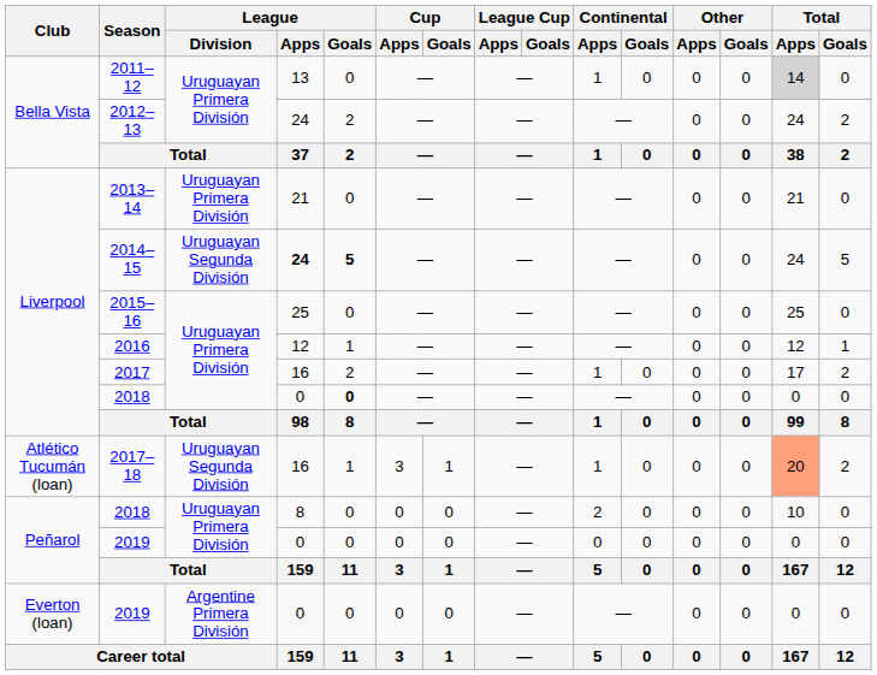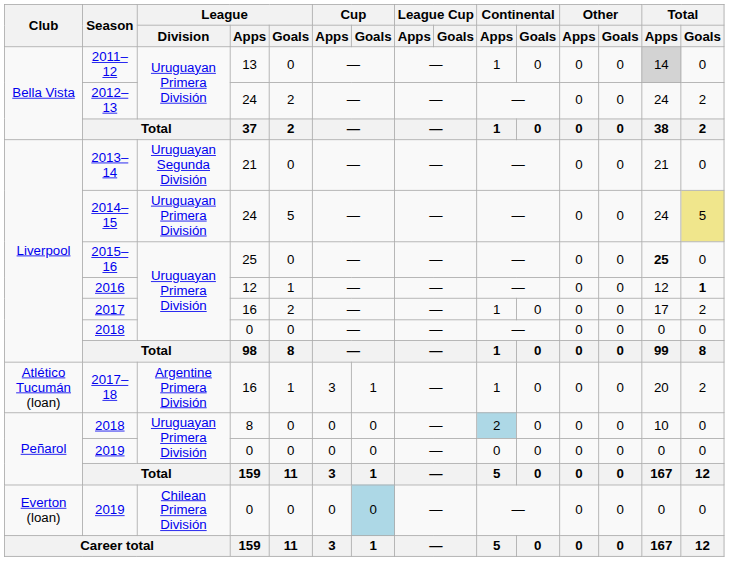 <table class="wikitable" style="text-align:center">
 <tr>
 <th rowspan="2">Club</th>
 <th rowspan="2">Season</th>
 <th colspan="3">League</th>
 <th colspan="2">Cup</th>
 <th colspan="2">League Cup</th>
 <th colspan="2">Continental</th>
 <th colspan="2">Other</th>
 <th colspan="2">Total</th>
 </tr>
 <tr>
 <th>Division</th>
 <th>Apps</th>
 <th>Goals</th>
 <th>Apps</th>
 <th>Goals</th>
 <th>Apps</th>
 <th>Goals</th>
 <th>Apps</th>
 <th>Goals</th>
 <th>Apps</th>
 <th>Goals</th>
 <th>Apps</th>
 <th>Goals</th>
 </tr>
 <tr>
 <td rowspan="3"><a href='#'>Bella Vista</a></td>
 <td><a href='#'>2011–12</a></td>
 <td rowspan="2"><a href='#'>Uruguayan Primera División</a></td>
 <td>13</td>
 <td>0</td>
 <td colspan="2">—</td>
 <td colspan="2">—</td>
 <td>1</td>
 <td>0</td>
 <td>0</td>
 <td>0</td>
 <td style="background: lightgrey;">14</td>
 <td>0</td>
 </tr>
 <tr>
 <td><a href='#'>2012–13</a></td>
 <td>24</td>
 <td>2</td>
 <td colspan="2">—</td>
 <td colspan="2">—</td>
 <td colspan="2">—</td>
 <td>0</td>
 <td>0</td>
 <td>24</td>
 <td>2</td>
 </tr>
 <tr>
 <th colspan="2">Total</th>
 <th>37</th>
 <th>2</th>
 <th colspan="2">—</th>
 <th colspan="2">—</th>
 <th>1</th>
 <th>0</th>
 <th>0</th>
 <th>0</th>
 <th>38</th>
 <th>2</th>
 </tr>
 <tr>
 <td rowspan="7"><a href='#'>Liverpool</a></td>
 <td><a href='#'>2013–14</a></td>
-<td rowspan="1"><a href='#'>Uruguayan Primera División</a></td>
+<td rowspan="1"><a href='#'>Uruguayan Segunda División</a></td>
 <td>21</td>
 <td>0</td>
 <td colspan="2">—</td>
 <td colspan="2">—</td>
 <td colspan="2">—</td>
 <td>0</td>
 <td>0</td>
 <td>21</td>
 <td>0</td>
 </tr>
 <tr>
 <td><a href='#'>2014–15</a></td>
-<td rowspan="1"><a href='#'>Uruguayan Segunda División</a></td>
-<td><strong>24</strong></td>
-<td><strong>5</strong></td>
+<td rowspan="1"><a href='#'>Uruguayan Primera División</a></td>
+<td>24</td>
+<td>5</td>
 <td colspan="2">—</td>
 <td colspan="2">—</td>
 <td colspan="2">—</td>
 <td>0</td>
 <td>0</td>
 <td>24</td>
-<td>5</td>
+<td style="background: khaki;">5</td>
 </tr>
 <tr>
 <td><a href='#'>2015–16</a></td>
 <td rowspan="4"><a href='#'>Uruguayan Primera División</a></td>
 <td>25</td>
 <td>0</td>
 <td colspan="2">—</td>
 <td colspan="2">—</td>
 <td colspan="2">—</td>
 <td>0</td>
 <td>0</td>
-<td>25</td>
+<td><strong>25</strong></td>
 <td>0</td>
 </tr>
 <tr>
 <td><a href='#'>2016</a></td>
 <td>12</td>
 <td>1</td>
 <td colspan="2">—</td>
 <td colspan="2">—</td>
 <td colspan="2">—</td>
 <td>0</td>
 <td>0</td>
 <td>12</td>
-<td>1</td>
+<td><strong>1</strong></td>
 </tr>
 <tr>
 <td><a href='#'>2017</a></td>
 <td>16</td>
 <td>2</td>
 <td colspan="2">—</td>
 <td colspan="2">—</td>
 <td>1</td>
 <td>0</td>
 <td>0</td>
 <td>0</td>
 <td>17</td>
 <td>2</td>
 </tr>
 <tr>
 <td><a href='#'>2018</a></td>
 <td>0</td>
-<td><strong>0</strong></td>
+<td>0</td>
 <td colspan="2">—</td>
 <td colspan="2">—</td>
 <td colspan="2">—</td>
 <td>0</td>
 <td>0</td>
 <td>0</td>
 <td>0</td>
 </tr>
 <tr>
 <th colspan="2">Total</th>
 <th>98</th>
 <th>8</th>
 <th colspan="2">—</th>
 <th colspan="2">—</th>
 <th>1</th>
 <th>0</th>
 <th>0</th>
 <th>0</th>
 <th>99</th>
 <th>8</th>
 </tr>
 <tr>
 <td rowspan="1"><a href='#'>Atlético Tucumán</a> (loan)</td>
 <td><a href='#'>2017–18</a></td>
-<td rowspan="1"><a href='#'>Uruguayan Segunda División</a></td>
+<td rowspan="1"><a href='#'>Argentine Primera División</a></td>
 <td>16</td>
 <td>1</td>
 <td>3</td>
 <td>1</td>
 <td colspan="2">—</td>
 <td>1</td>
 <td>0</td>
 <td>0</td>
 <td>0</td>
-<td style="background: lightsalmon;">20</td>
+<td>20</td>
 <td>2</td>
 </tr>
 <tr>
 <td rowspan="3"><a href='#'>Peñarol</a></td>
 <td><a href='#'>2018</a></td>
 <td rowspan="2"><a href='#'>Uruguayan Primera División</a></td>
 <td>8</td>
 <td>0</td>
 <td>0</td>
 <td>0</td>
 <td colspan="2">—</td>
-<td>2</td>
+<td style="background: lightblue;">2</td>
 <td>0</td>
 <td>0</td>
 <td>0</td>
 <td>10</td>
 <td>0</td>
 </tr>
 <tr>
 <td><a href='#'>2019</a></td>
 <td>0</td>
 <td>0</td>
 <td>0</td>
 <td>0</td>
 <td colspan="2">—</td>
 <td>0</td>
 <td>0</td>
 <td>0</td>
 <td>0</td>
 <td>0</td>
 <td>0</td>
 </tr>
 <tr>
 <th colspan="2">Total</th>
 <th>159</th>
 <th>11</th>
 <th>3</th>
 <th>1</th>
 <th colspan="2">—</th>
 <th>5</th>
 <th>0</th>
 <th>0</th>
 <th>0</th>
 <th>167</th>
 <th>12</th>
 </tr>
 <tr>
 <td rowspan="1"><a href='#'>Everton</a> (loan)</td>
 <td><a href='#'>2019</a></td>
-<td rowspan="1"><a href='#'>Argentine Primera División</a></td>
+<td rowspan="1"><a href='#'>Chilean Primera División</a></td>
 <td>0</td>
 <td>0</td>
 <td>0</td>
-<td>0</td>
+<td style="background: lightblue;">0</td>
 <td colspan="2">—</td>
 <td colspan="2">—</td>
 <td>0</td>
 <td>0</td>
 <td>0</td>
 <td>0</td>
 </tr>
 <tr>
 <th colspan="3">Career total</th>
 <th>159</th>
 <th>11</th>
 <th>3</th>
 <th>1</th>
 <th colspan="2">—</th>
 <th>5</th>
 <th>0</th>
 <th>0</th>
 <th>0</th>
 <th>167</th>
 <th>12</th>
 </tr>
 </table>
